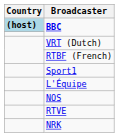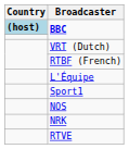 <table class="wikitable">
 <tr>
 <th>Country</th>
 <th>Broadcaster</th>
 </tr>
 <tr>
 <td style="background: lightblue;"><strong></strong> <strong>(host)</strong></td>
 <td rowspan="2"><strong><a href='#'>BBC</a></strong></td>
 </tr>
 <tr>
 <td></td>
 </tr>
 <tr>
 <td rowspan="2"></td>
 <td><a href='#'>VRT</a> (Dutch)</td>
 </tr>
 <tr>
 <td><a href='#'>RTBF</a> (French)</td>
 </tr>
 <tr>
 <td></td>
-<td><a href='#'>Sport1</a></td>
+<td><a href='#'>L'Équipe</a></td>
 </tr>
 <tr>
 <td></td>
-<td><a href='#'>L'Équipe</a></td>
+<td><a href='#'>Sport1</a></td>
 </tr>
 <tr>
 <td></td>
 <td><a href='#'>NOS</a></td>
 </tr>
 <tr>
 <td></td>
-<td><a href='#'>RTVE</a></td>
+<td><a href='#'>NRK</a></td>
 </tr>
 <tr>
 <td></td>
-<td><a href='#'>NRK</a></td>
+<td><a href='#'>RTVE</a></td>
 </tr>
 </table>
